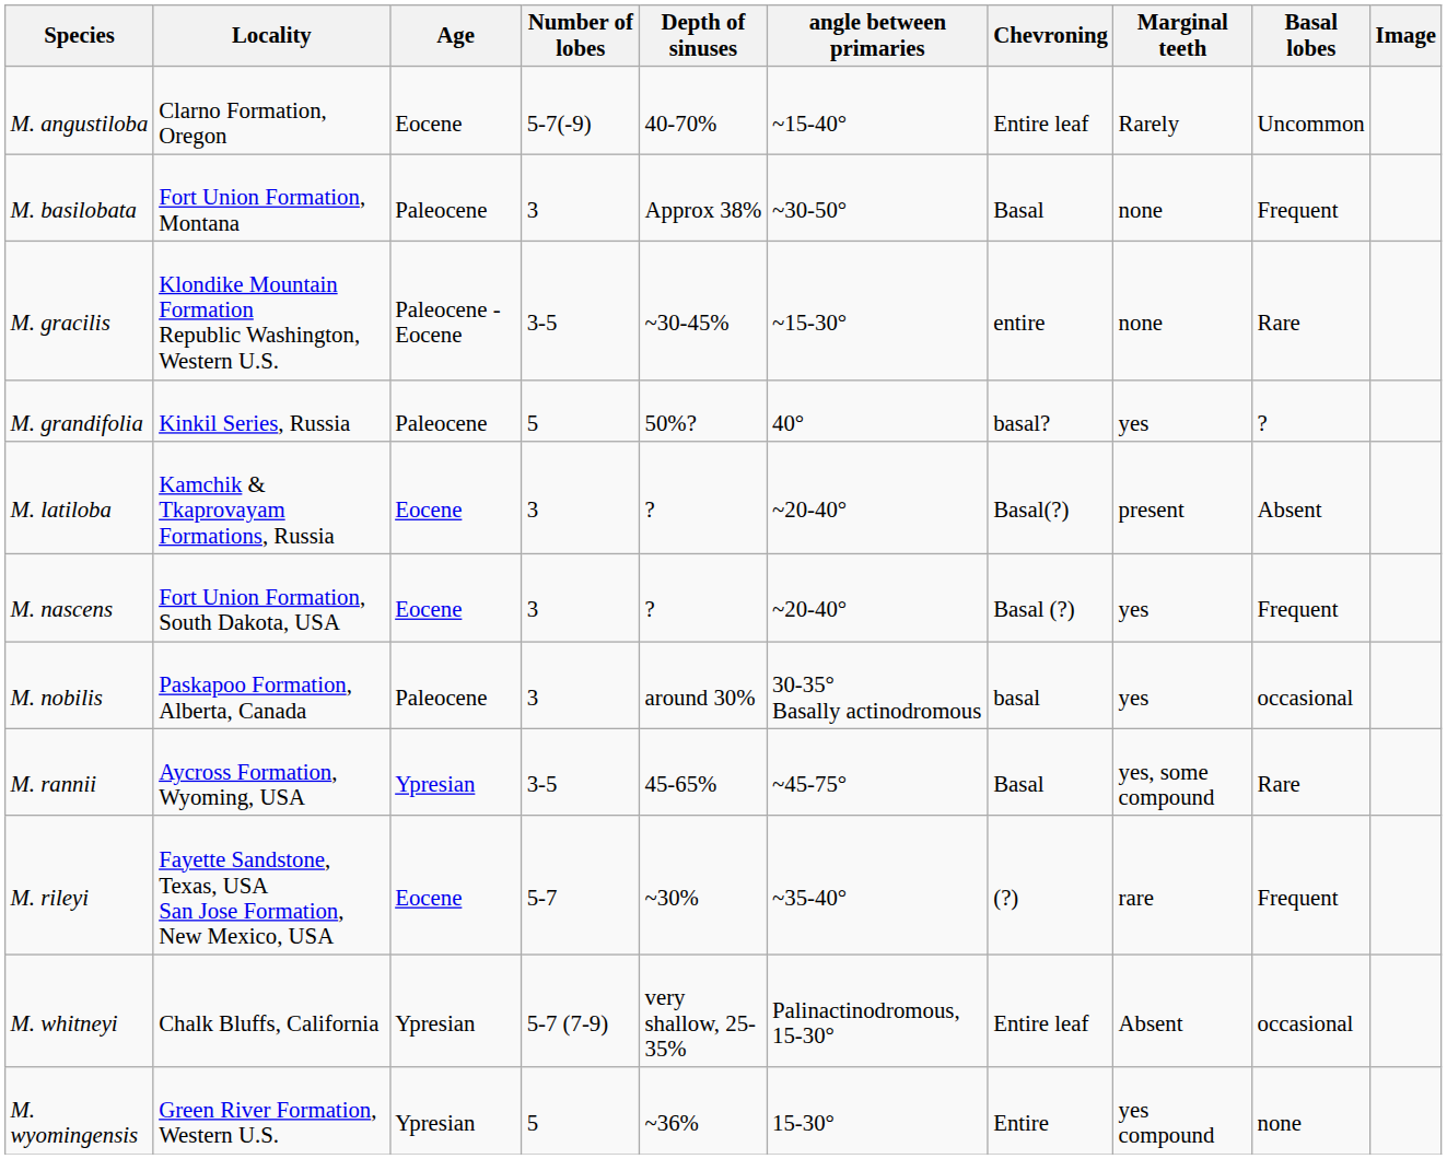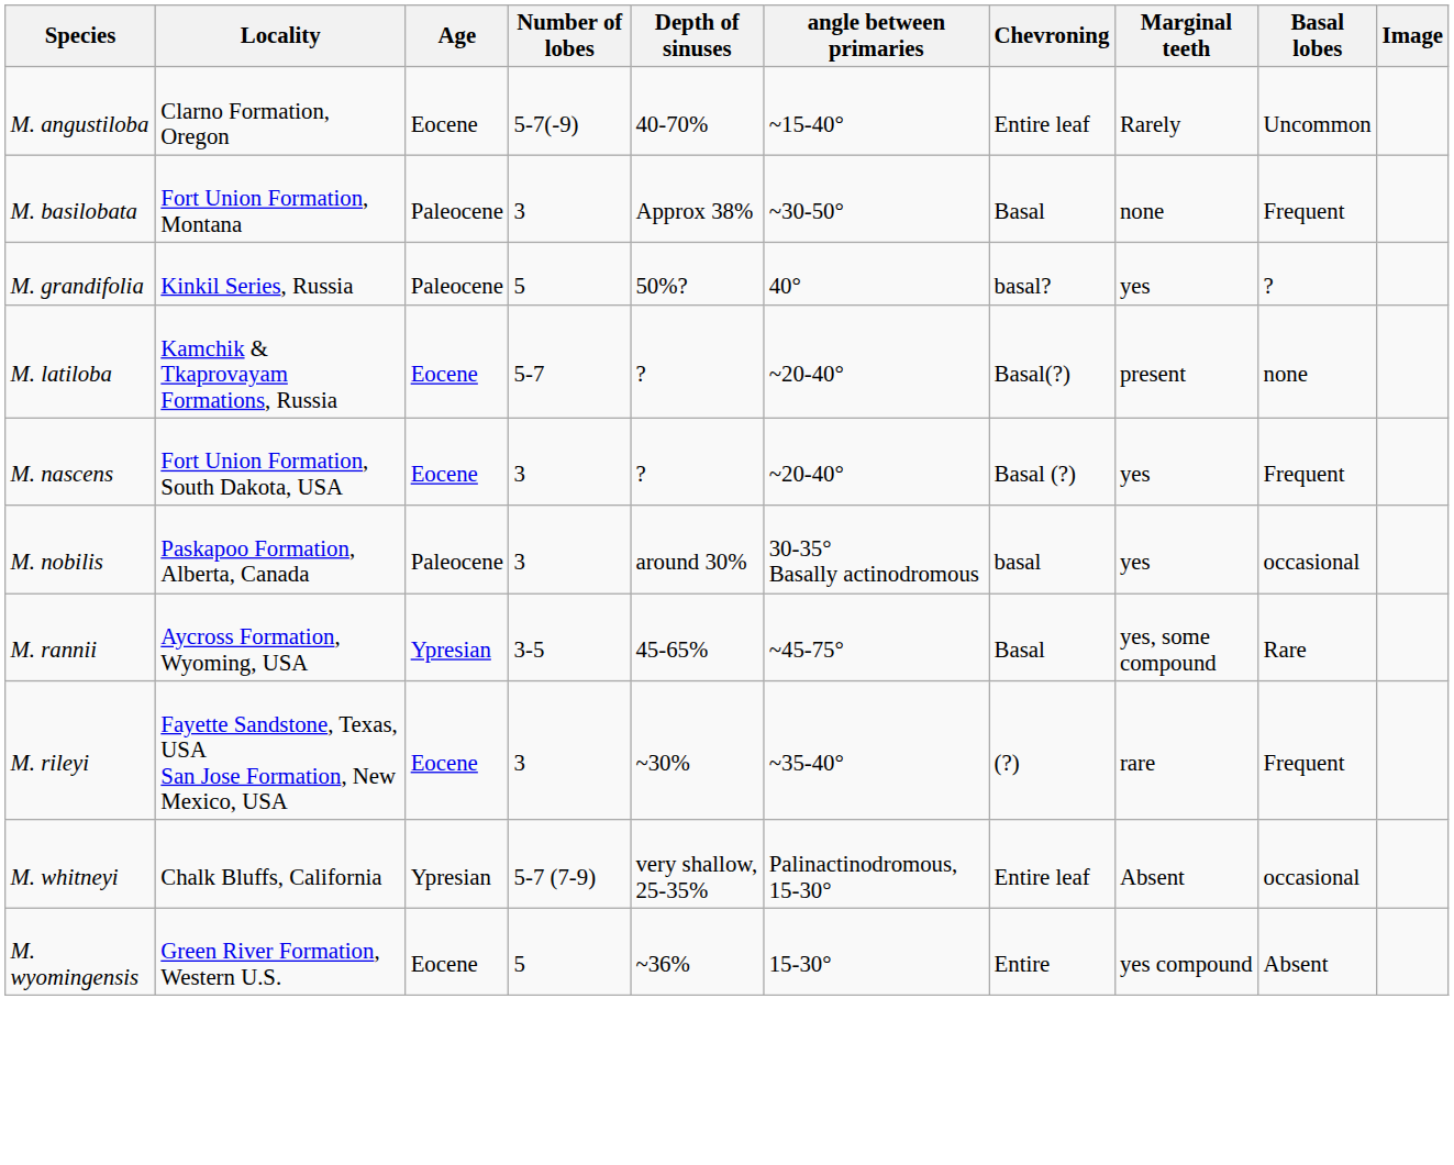 <table class="wikitable sortable" align="center" width="80%">
 <tr>
 <th>Species</th>
 <th>Locality</th>
 <th>Age</th>
 <th>Number of lobes</th>
 <th>Depth of sinuses</th>
 <th>angle between primaries</th>
 <th>Chevroning</th>
 <th>Marginal teeth</th>
 <th>Basal lobes</th>
 <th>Image</th>
 </tr>
 <tr>
 <td><br><em>M. angustiloba</em></td>
 <td><br>Clarno Formation, Oregon</td>
 <td><br>Eocene</td>
 <td><br>5-7(-9)</td>
 <td><br>40-70%</td>
 <td><br>~15-40°</td>
 <td><br>Entire leaf</td>
 <td><br>Rarely</td>
 <td><br>Uncommon</td>
 <td></td>
 </tr>
 <tr>
 <td><br><em>M. basilobata</em></td>
 <td><br><a href='#'>Fort Union Formation</a>, Montana</td>
 <td><br>Paleocene</td>
 <td><br>3</td>
 <td><br>Approx 38%</td>
 <td><br>~30-50°</td>
 <td><br>Basal</td>
 <td><br>none</td>
 <td><br>Frequent</td>
 <td></td>
 </tr>
 <tr>
-<td><br><em>M. gracilis</em></td>
-<td><br><a href='#'>Klondike Mountain Formation</a><br>Republic Washington, Western U.S.</td>
-<td><br>Paleocene - Eocene</td>
-<td><br>3-5</td>
-<td><br>~30-45%</td>
-<td><br>~15-30°</td>
-<td><br>entire</td>
-<td><br>none</td>
-<td><br>Rare</td>
-<td><br></td>
-</tr>
-<tr>
 <td><br><em>M. grandifolia</em></td>
 <td><br><a href='#'>Kinkil Series</a>, Russia</td>
 <td><br>Paleocene</td>
 <td><br>5</td>
 <td><br>50%?</td>
 <td><br>40°</td>
 <td><br>basal?</td>
 <td><br>yes</td>
 <td><br>?</td>
 <td></td>
 </tr>
 <tr>
 <td><br><em>M. latiloba</em></td>
 <td><br><a href='#'>Kamchik</a> & <a href='#'>Tkaprovayam Formations</a>, Russia</td>
 <td><br><a href='#'>Eocene</a></td>
-<td><br>3</td>
+<td><br>5-7</td>
 <td><br>?</td>
 <td><br>~20-40°</td>
 <td><br>Basal(?)</td>
 <td><br>present</td>
-<td><br>Absent</td>
+<td><br>none</td>
 <td></td>
 </tr>
 <tr>
 <td><br><em>M. nascens</em></td>
 <td><br><a href='#'>Fort Union Formation</a>, South Dakota, USA</td>
 <td><br><a href='#'>Eocene</a></td>
 <td><br>3</td>
 <td><br>?</td>
 <td><br>~20-40°</td>
 <td><br>Basal (?)</td>
 <td><br>yes</td>
 <td><br>Frequent</td>
 <td></td>
 </tr>
 <tr>
 <td><br><em>M. nobilis</em></td>
 <td><br><a href='#'>Paskapoo Formation</a>, Alberta, Canada</td>
 <td><br>Paleocene</td>
 <td><br>3</td>
 <td><br>around 30%</td>
 <td><br>30-35°<br>Basally actinodromous</td>
 <td><br>basal</td>
 <td><br>yes</td>
 <td><br>occasional</td>
 <td></td>
 </tr>
 <tr>
 <td><br><em>M. rannii</em></td>
 <td><br><a href='#'>Aycross Formation</a>, Wyoming, USA</td>
 <td><br><a href='#'>Ypresian</a></td>
 <td><br>3-5</td>
 <td><br>45-65%</td>
 <td><br>~45-75°</td>
 <td><br>Basal</td>
 <td><br>yes, some compound</td>
 <td><br>Rare</td>
 <td></td>
 </tr>
 <tr>
 <td><br><em>M. rileyi</em></td>
 <td><br><a href='#'>Fayette Sandstone</a>, Texas, USA<br> <a href='#'>San Jose Formation</a>, New Mexico, USA</td>
 <td><br><a href='#'>Eocene</a></td>
-<td><br>5-7</td>
+<td><br>3</td>
 <td><br>~30%</td>
 <td><br>~35-40°</td>
 <td><br>(?)</td>
 <td><br>rare</td>
 <td><br>Frequent</td>
 <td></td>
 </tr>
 <tr>
 <td><br><em>M. whitneyi</em></td>
 <td><br>Chalk Bluffs, California</td>
 <td><br>Ypresian</td>
 <td><br>5-7 (7-9)</td>
 <td><br>very shallow, 25-35%</td>
 <td><br>Palinactinodromous, 15-30°</td>
 <td><br>Entire leaf</td>
 <td><br>Absent</td>
 <td><br>occasional</td>
 <td></td>
 </tr>
 <tr>
 <td><br><em>M. wyomingensis</em></td>
 <td><br><a href='#'>Green River Formation</a>, Western U.S.</td>
-<td><br>Ypresian</td>
+<td><br>Eocene</td>
 <td><br>5</td>
 <td><br>~36%</td>
 <td><br>15-30°</td>
 <td><br>Entire</td>
 <td><br>yes compound</td>
-<td><br>none</td>
+<td><br>Absent</td>
 <td><br></td>
 </tr>
 <tr>
 </tr>
 </table>
